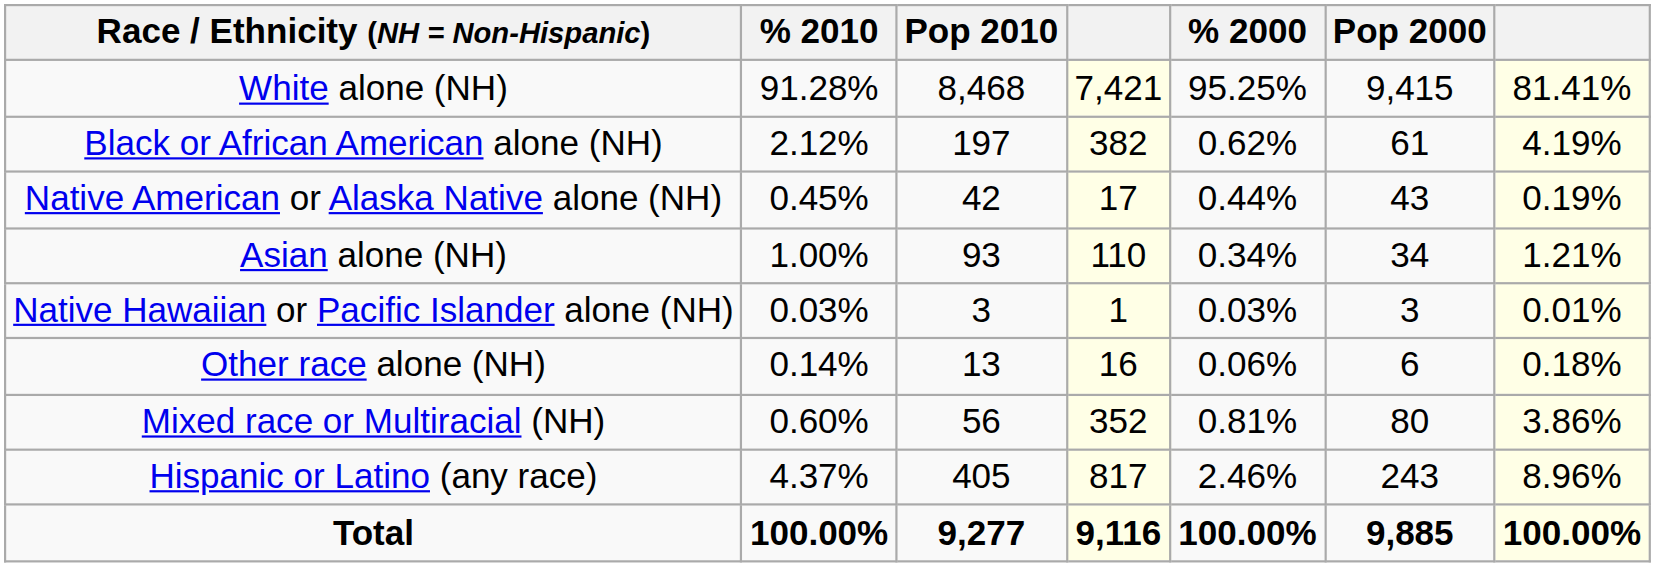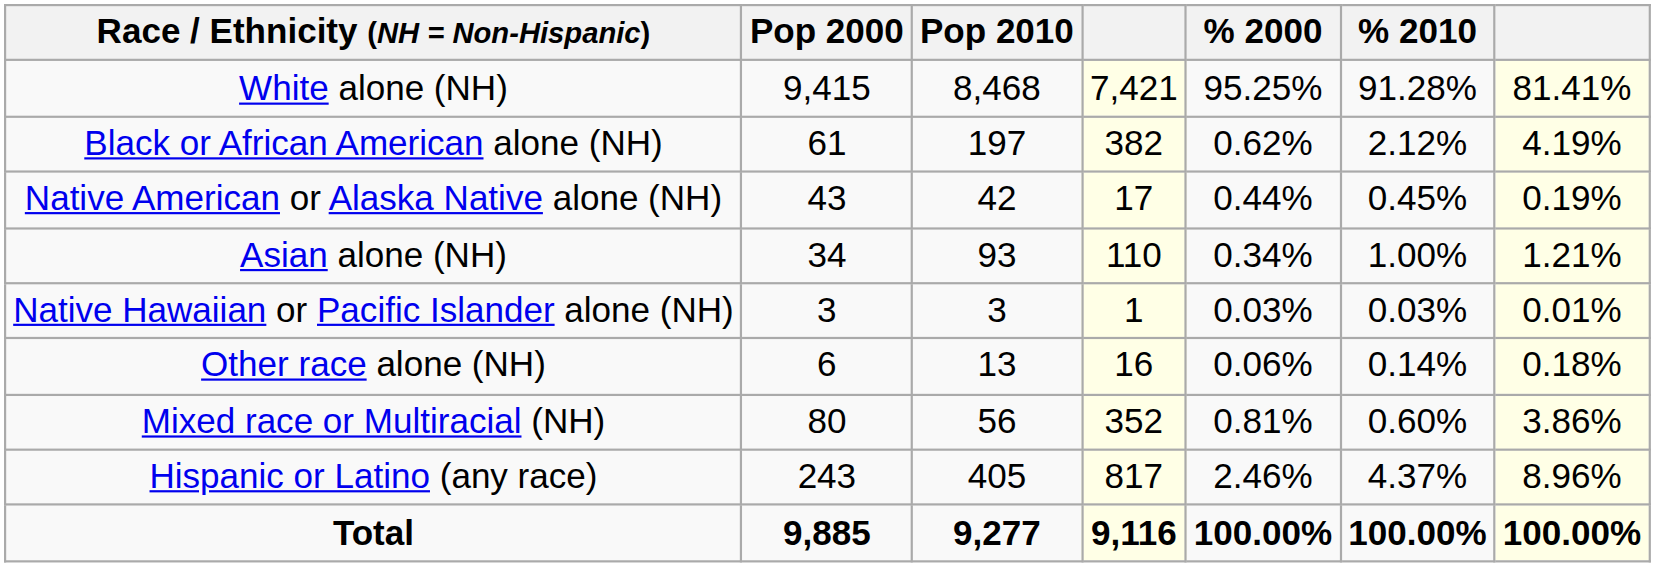 <table class="wikitable" style="text-align:center;">
 <tr>
 <th>Race / Ethnicity <small>(<em>NH = Non-Hispanic</em>)</small></th>
-<th>% 2010</th>
+<th>Pop 2000</th>
 <th>Pop 2010</th>
 <th></th>
 <th>% 2000</th>
-<th>Pop 2000</th>
+<th>% 2010</th>
 <th></th>
 </tr>
 <tr>
 <td><a href='#'>White</a> alone (NH)</td>
-<td>91.28%</td>
+<td>9,415</td>
 <td>8,468</td>
 <td style='background: #ffffe6;'>7,421</td>
 <td>95.25%</td>
-<td>9,415</td>
+<td>91.28%</td>
 <td style='background: #ffffe6;'>81.41%</td>
 </tr>
 <tr>
 <td><a href='#'>Black or African American</a> alone (NH)</td>
-<td>2.12%</td>
+<td>61</td>
 <td>197</td>
 <td style='background: #ffffe6;'>382</td>
 <td>0.62%</td>
-<td>61</td>
+<td>2.12%</td>
 <td style='background: #ffffe6;'>4.19%</td>
 </tr>
 <tr>
 <td><a href='#'>Native American</a> or <a href='#'>Alaska Native</a> alone (NH)</td>
-<td>0.45%</td>
+<td>43</td>
 <td>42</td>
 <td style='background: #ffffe6;'>17</td>
 <td>0.44%</td>
-<td>43</td>
+<td>0.45%</td>
 <td style='background: #ffffe6;'>0.19%</td>
 </tr>
 <tr>
 <td><a href='#'>Asian</a> alone (NH)</td>
-<td>1.00%</td>
+<td>34</td>
 <td>93</td>
 <td style='background: #ffffe6;'>110</td>
 <td>0.34%</td>
-<td>34</td>
+<td>1.00%</td>
 <td style='background: #ffffe6;'>1.21%</td>
 </tr>
 <tr>
 <td><a href='#'>Native Hawaiian</a> or <a href='#'>Pacific Islander</a> alone (NH)</td>
-<td>0.03%</td>
+<td>3</td>
 <td>3</td>
 <td style='background: #ffffe6;'>1</td>
 <td>0.03%</td>
-<td>3</td>
+<td>0.03%</td>
 <td style='background: #ffffe6;'>0.01%</td>
 </tr>
 <tr>
 <td><a href='#'>Other race</a> alone (NH)</td>
-<td>0.14%</td>
+<td>6</td>
 <td>13</td>
 <td style='background: #ffffe6;'>16</td>
 <td>0.06%</td>
-<td>6</td>
+<td>0.14%</td>
 <td style='background: #ffffe6;'>0.18%</td>
 </tr>
 <tr>
 <td><a href='#'>Mixed race or Multiracial</a> (NH)</td>
-<td>0.60%</td>
+<td>80</td>
 <td>56</td>
 <td style='background: #ffffe6;'>352</td>
 <td>0.81%</td>
-<td>80</td>
+<td>0.60%</td>
 <td style='background: #ffffe6;'>3.86%</td>
 </tr>
 <tr>
 <td><a href='#'>Hispanic or Latino</a> (any race)</td>
-<td>4.37%</td>
+<td>243</td>
 <td>405</td>
 <td style='background: #ffffe6;'>817</td>
 <td>2.46%</td>
-<td>243</td>
+<td>4.37%</td>
 <td style='background: #ffffe6;'>8.96%</td>
 </tr>
 <tr>
 <td><strong>Total</strong></td>
-<td><strong>100.00%</strong></td>
+<td><strong>9,885</strong></td>
 <td><strong>9,277</strong></td>
 <td style='background: #ffffe6;'><strong>9,116</strong></td>
 <td><strong>100.00%</strong></td>
-<td><strong>9,885</strong></td>
+<td><strong>100.00%</strong></td>
 <td style='background: #ffffe6;'><strong>100.00%</strong></td>
 </tr>
 </table>
